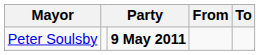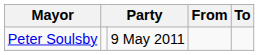 <table class=wikitable>
 <tr>
 <th>Mayor</th>
 <th colspan=2>Party</th>
 <th>From</th>
 <th>To</th>
 </tr>
 <tr>
 <td><a href='#'>Peter Soulsby</a></td>
 <td></td>
-<td align=right><strong>9 May 2011</strong></td>
+<td align=right>9 May 2011</td>
 <td align=right></td>
 </tr>
 </table>
